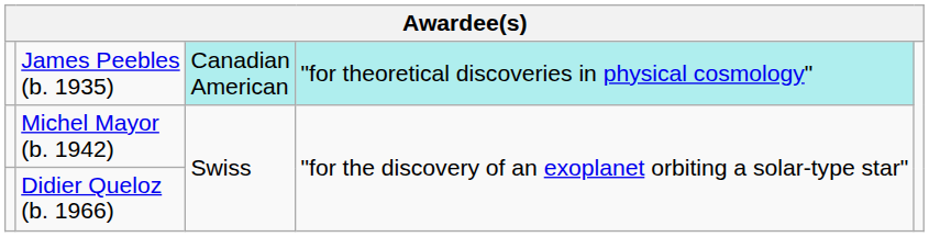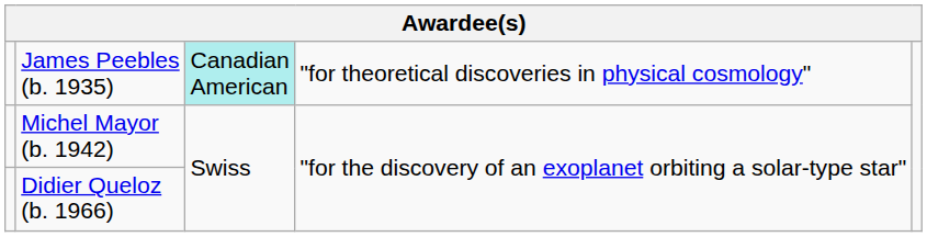 <table class="wikitable">
 <tr>
 <th colspan="5">Awardee(s)</th>
 </tr>
 <tr>
 <td></td>
 <td><a href='#'>James Peebles</a><br>(b. 1935)</td>
 <td style="background: paleturquoise;"> Canadian<br> American</td>
-<td style="background: paleturquoise;">"for theoretical discoveries in <a href='#'>physical cosmology</a>"</td>
+<td>"for theoretical discoveries in <a href='#'>physical cosmology</a>"</td>
 <td rowspan="3"></td>
 </tr>
 <tr>
 <td></td>
 <td><a href='#'>Michel Mayor</a><br>(b. 1942)</td>
 <td rowspan="2"> Swiss</td>
 <td rowspan="2">"for the discovery of an <a href='#'>exoplanet</a> orbiting a solar-type star"</td>
 </tr>
 <tr>
 <td></td>
 <td><a href='#'>Didier Queloz</a><br>(b. 1966)</td>
 </tr>
 </table>
